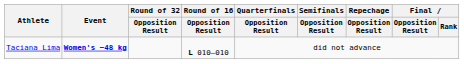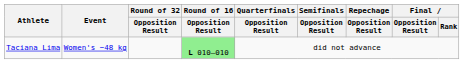 <table class="wikitable" style="font-size:90%">
 <tr>
 <th rowspan="2">Athlete</th>
 <th rowspan="2">Event</th>
 <th>Round of 32</th>
 <th>Round of 16</th>
 <th>Quarterfinals</th>
 <th>Semifinals</th>
 <th>Repechage</th>
 <th colspan=2>Final / </th>
 </tr>
 <tr style="font-size:95%">
 <th>Opposition<br>Result</th>
 <th>Opposition<br>Result</th>
 <th>Opposition<br>Result</th>
 <th>Opposition<br>Result</th>
 <th>Opposition<br>Result</th>
 <th>Opposition<br>Result</th>
 <th>Rank</th>
 </tr>
 <tr align=center>
 <td align=left><a href='#'>Taciana Lima</a></td>
-<td align=left><strong><a href='#'>Women's −48 kg</a></strong></td>
+<td align=left><a href='#'>Women's −48 kg</a></td>
 <td></td>
-<td><br><strong>L</strong> 010–010 </td>
+<td style="background: lightgreen;"><br><strong>L</strong> 010–010 </td>
 <td colspan=5>did not advance</td>
 </tr>
 </table>
